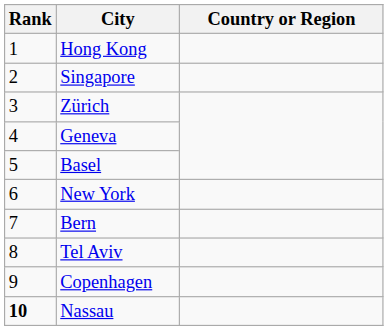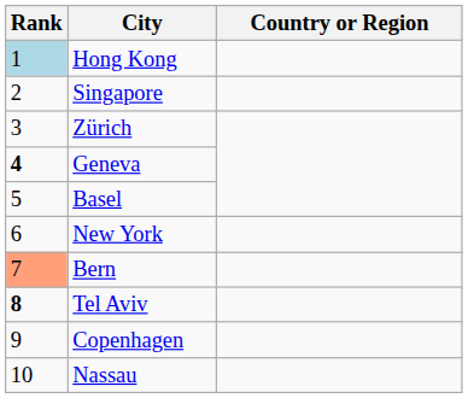 <table class="wikitable sortable">
 <tr>
 <th scope="col">Rank</th>
 <th scope="col" style="width:100px;">City</th>
 <th scope="col" style="width:170px;">Country or Region</th>
 </tr>
 <tr>
-<td>1</td>
+<td style="background: lightblue;">1</td>
 <td><a href='#'>Hong Kong</a></td>
 <td></td>
 </tr>
 <tr>
 <td>2</td>
 <td><a href='#'>Singapore</a></td>
 <td></td>
 </tr>
 <tr>
 <td>3</td>
 <td><a href='#'>Zürich</a></td>
 <td rowspan="3"></td>
 </tr>
 <tr>
-<td>4</td>
+<td><strong>4</strong></td>
 <td><a href='#'>Geneva</a></td>
 </tr>
 <tr>
 <td>5</td>
 <td><a href='#'>Basel</a></td>
 </tr>
 <tr>
 <td>6</td>
 <td><a href='#'>New York</a></td>
 <td></td>
 </tr>
 <tr>
-<td>7</td>
+<td style="background: lightsalmon;">7</td>
 <td><a href='#'>Bern</a></td>
 <td></td>
 </tr>
 <tr>
-<td>8</td>
+<td><strong>8</strong></td>
 <td><a href='#'>Tel Aviv</a></td>
 <td></td>
 </tr>
 <tr>
 <td>9</td>
 <td><a href='#'>Copenhagen</a></td>
 <td></td>
 </tr>
 <tr>
-<td><strong>10</strong></td>
+<td>10</td>
 <td><a href='#'>Nassau</a></td>
 <td></td>
 </tr>
 </table>
